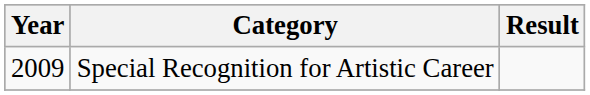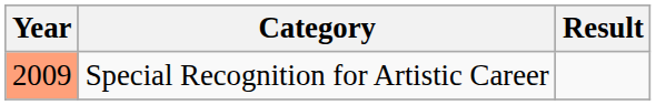 <table class="wikitable">
 <tr>
 <th>Year</th>
 <th>Category</th>
 <th>Result</th>
 </tr>
 <tr>
-<td>2009</td>
+<td style="background: lightsalmon;">2009</td>
 <td>Special Recognition for Artistic Career</td>
 <td></td>
 </tr>
 </table>
